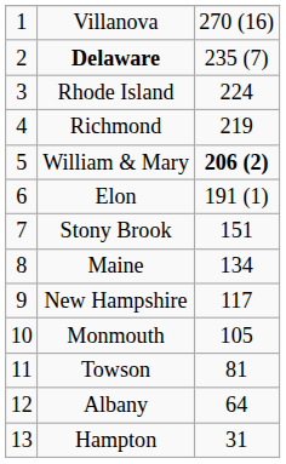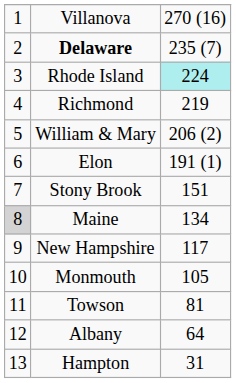 <table class="wikitable">
 <tr align="center">
 </tr>
 <tr align="center">
 <td>1</td>
 <td>Villanova</td>
 <td>270 (16)</td>
 </tr>
 <tr align="center">
 <td>2</td>
 <td><strong>Delaware</strong></td>
 <td>235 (7)</td>
 </tr>
 <tr align="center">
 <td>3</td>
 <td>Rhode Island</td>
-<td>224</td>
+<td style="background: paleturquoise;">224</td>
 </tr>
 <tr align="center">
 <td>4</td>
 <td>Richmond</td>
 <td>219</td>
 </tr>
 <tr align="center">
 <td>5</td>
 <td>William & Mary</td>
-<td><strong>206 (2)</strong></td>
+<td>206 (2)</td>
 </tr>
 <tr align="center">
 <td>6</td>
 <td>Elon</td>
 <td>191 (1)</td>
 </tr>
 <tr align="center">
 <td>7</td>
 <td>Stony Brook</td>
 <td>151</td>
 </tr>
 <tr align="center">
-<td>8</td>
+<td style="background: lightgrey;">8</td>
 <td>Maine</td>
 <td>134</td>
 </tr>
 <tr align="center">
 <td>9</td>
 <td>New Hampshire</td>
 <td>117</td>
 </tr>
 <tr align="center">
 <td>10</td>
 <td>Monmouth</td>
 <td>105</td>
 </tr>
 <tr align="center">
 <td>11</td>
 <td>Towson</td>
 <td>81</td>
 </tr>
 <tr align="center">
 <td>12</td>
 <td>Albany</td>
 <td>64</td>
 </tr>
 <tr align="center">
 <td>13</td>
 <td>Hampton</td>
 <td>31</td>
 </tr>
 </table>
